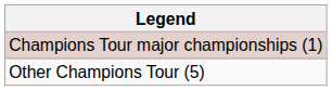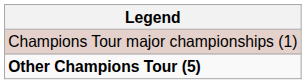 <table class="wikitable" style="font-size:95%;">
 <tr>
 <th>Legend</th>
 </tr>
 <tr style="background:#e5d1cb;">
 <td>Champions Tour major championships (1)</td>
 </tr>
 <tr>
-<td>Other Champions Tour (5)</td>
+<td><strong>Other Champions Tour (5)</strong></td>
 </tr>
 </table>
